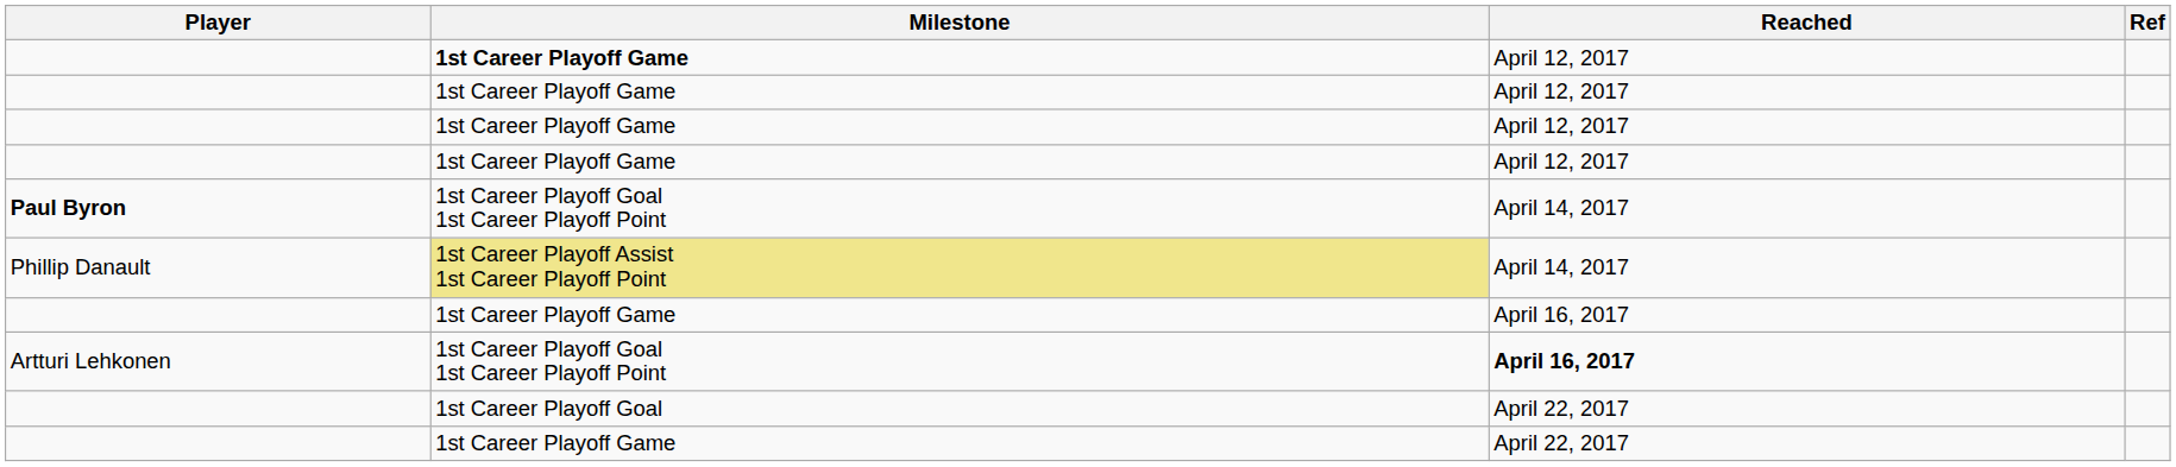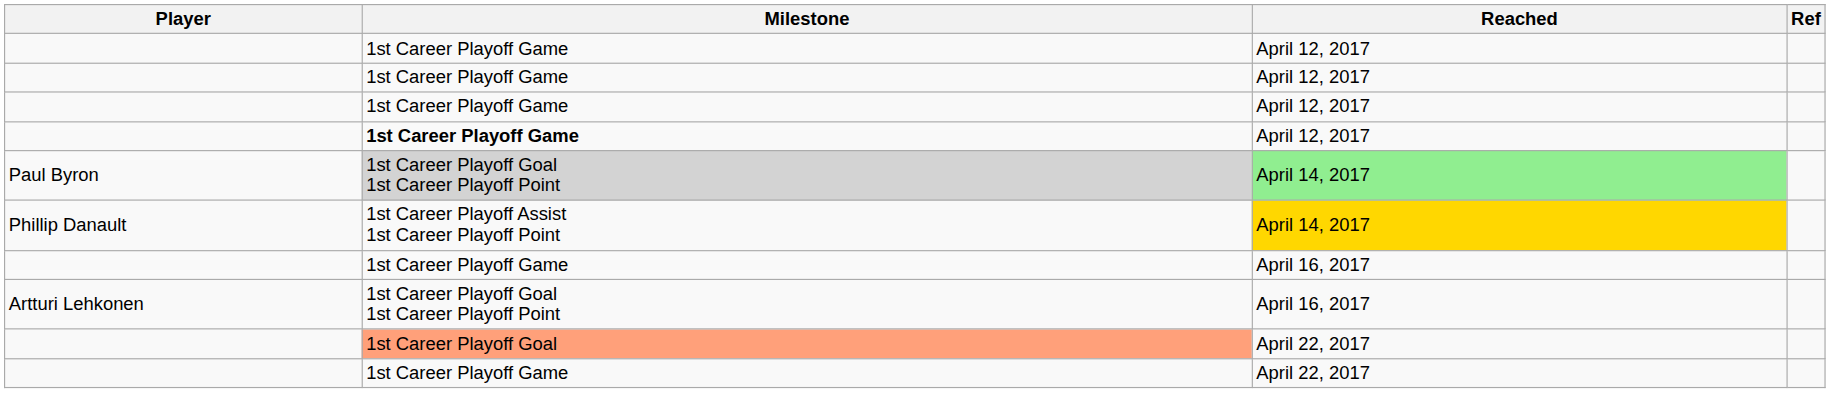 <table class="wikitable sortable" style="width:100%;">
 <tr align=center>
 <th style="width:20%;">Player</th>
 <th style="width:50%;">Milestone</th>
 <th style="width:30%;" data-sort-type="date">Reached</th>
 <th style="width:20%">Ref</th>
-</tr>
-<tr>
-<td></td>
-<td><strong>1st Career Playoff Game</strong></td>
-<td>April 12, 2017</td>
-<td></td>
 </tr>
 <tr>
 <td></td>
 <td>1st Career Playoff Game</td>
 <td>April 12, 2017</td>
 <td></td>
 </tr>
 <tr>
 <td></td>
 <td>1st Career Playoff Game</td>
 <td>April 12, 2017</td>
 <td></td>
 </tr>
 <tr>
 <td></td>
 <td>1st Career Playoff Game</td>
 <td>April 12, 2017</td>
 <td></td>
 </tr>
 <tr>
-<td><strong>Paul Byron</strong></td>
-<td>1st Career Playoff Goal<br> 1st Career Playoff Point</td>
-<td>April 14, 2017</td>
+<td></td>
+<td><strong>1st Career Playoff Game</strong></td>
+<td>April 12, 2017</td>
+<td></td>
+</tr>
+<tr>
+<td>Paul Byron</td>
+<td style="background: lightgrey;">1st Career Playoff Goal<br> 1st Career Playoff Point</td>
+<td style="background: lightgreen;">April 14, 2017</td>
 <td></td>
 </tr>
 <tr>
 <td>Phillip Danault</td>
-<td style="background: khaki;">1st Career Playoff Assist<br>1st Career Playoff Point</td>
-<td>April 14, 2017</td>
+<td>1st Career Playoff Assist<br>1st Career Playoff Point</td>
+<td style="background: gold;">April 14, 2017</td>
 <td></td>
 </tr>
 <tr>
 <td></td>
 <td>1st Career Playoff Game</td>
 <td>April 16, 2017</td>
 <td></td>
 </tr>
 <tr>
 <td>Artturi Lehkonen</td>
 <td>1st Career Playoff Goal<br>1st Career Playoff Point</td>
-<td><strong>April 16, 2017</strong></td>
+<td>April 16, 2017</td>
 <td></td>
 </tr>
 <tr>
 <td></td>
-<td>1st Career Playoff Goal</td>
+<td style="background: lightsalmon;">1st Career Playoff Goal</td>
 <td>April 22, 2017</td>
 <td></td>
 </tr>
 <tr>
 <td></td>
 <td>1st Career Playoff Game</td>
 <td>April 22, 2017</td>
 <td></td>
 </tr>
 </table>
